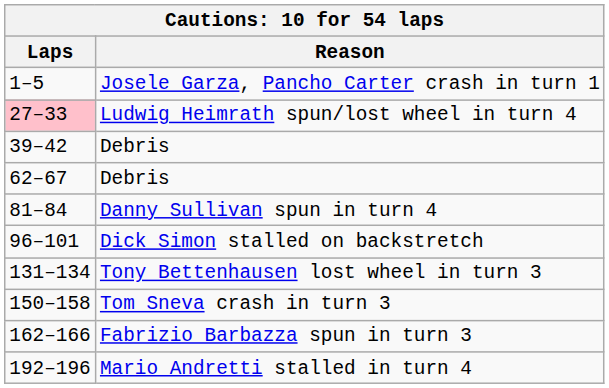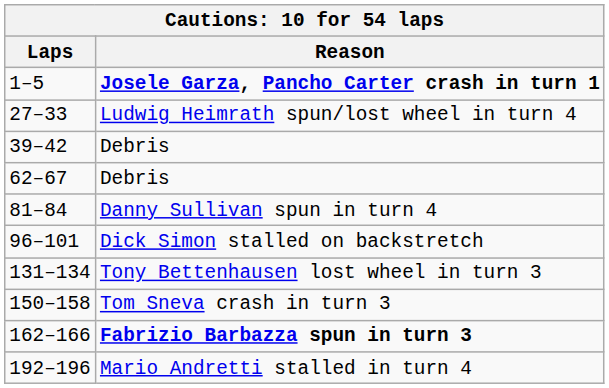 <table class="wikitable">
 <tr>
 <th colspan=2>Cautions: 10 for 54 laps</th>
 </tr>
 <tr>
 <th>Laps</th>
 <th>Reason</th>
 </tr>
 <tr>
 <td>1–5</td>
-<td><a href='#'>Josele Garza</a>, <a href='#'>Pancho Carter</a> crash in turn 1</td>
+<td><strong><a href='#'>Josele Garza</a>, <a href='#'>Pancho Carter</a> crash in turn 1</strong></td>
 </tr>
 <tr>
-<td style="background: pink;">27–33</td>
+<td>27–33</td>
 <td><a href='#'>Ludwig Heimrath</a> spun/lost wheel in turn 4</td>
 </tr>
 <tr>
 <td>39–42</td>
 <td>Debris</td>
 </tr>
 <tr>
 <td>62–67</td>
 <td>Debris</td>
 </tr>
 <tr>
 <td>81–84</td>
 <td><a href='#'>Danny Sullivan</a> spun in turn 4</td>
 </tr>
 <tr>
 <td>96–101</td>
 <td><a href='#'>Dick Simon</a> stalled on backstretch</td>
 </tr>
 <tr>
 <td>131–134</td>
 <td><a href='#'>Tony Bettenhausen</a> lost wheel in turn 3</td>
 </tr>
 <tr>
 <td>150–158</td>
 <td><a href='#'>Tom Sneva</a> crash in turn 3</td>
 </tr>
 <tr>
 <td>162–166</td>
-<td><a href='#'>Fabrizio Barbazza</a> spun in turn 3</td>
+<td><strong><a href='#'>Fabrizio Barbazza</a> spun in turn 3</strong></td>
 </tr>
 <tr>
 <td>192–196</td>
 <td><a href='#'>Mario Andretti</a> stalled in turn 4</td>
 </tr>
 </table>
